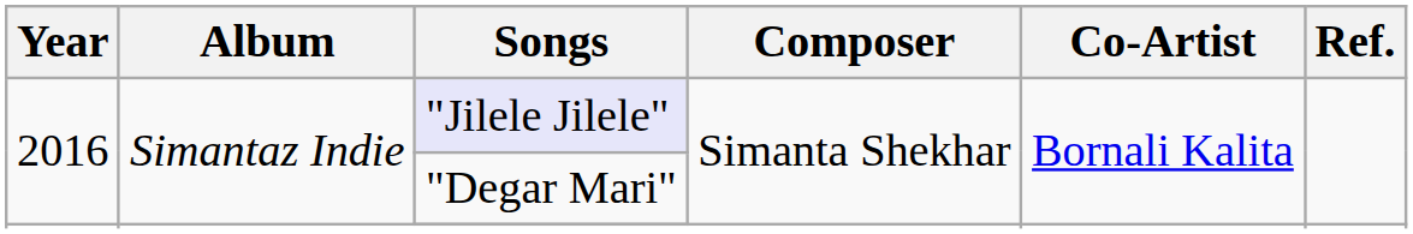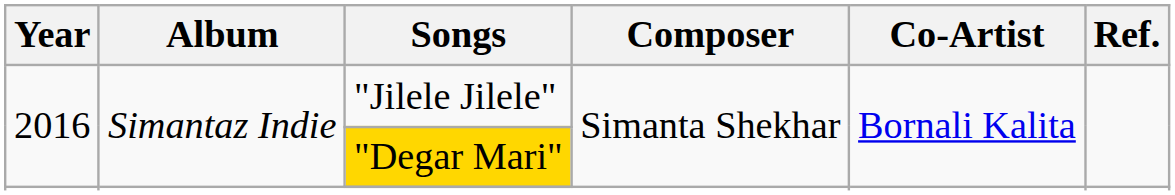 <table class="wikitable sortable">
 <tr>
 <th>Year</th>
 <th>Album</th>
 <th>Songs</th>
 <th>Composer</th>
 <th>Co-Artist</th>
 <th>Ref.</th>
 </tr>
 <tr>
 <td rowspan="4">2016</td>
 <td rowspan="4"><em>Simantaz Indie</em></td>
-<td style="background: lavender;">"Jilele Jilele"</td>
+<td>"Jilele Jilele"</td>
 <td rowspan="4">Simanta Shekhar</td>
 <td rowspan="4"><a href='#'>Bornali Kalita</a></td>
 </tr>
 <tr>
-<td>"Degar Mari"</td>
+<td style="background: gold;">"Degar Mari"</td>
 </tr>
 <tr>
 </tr>
 </table>
